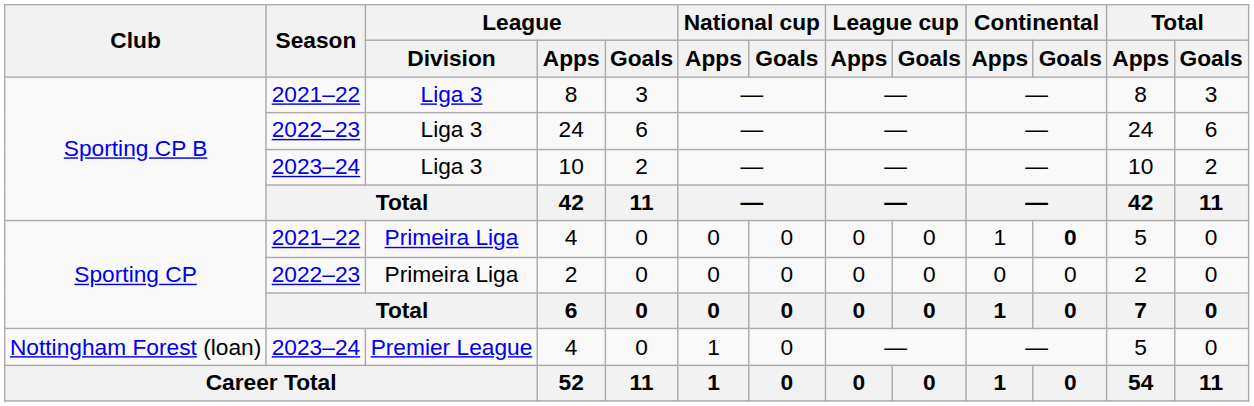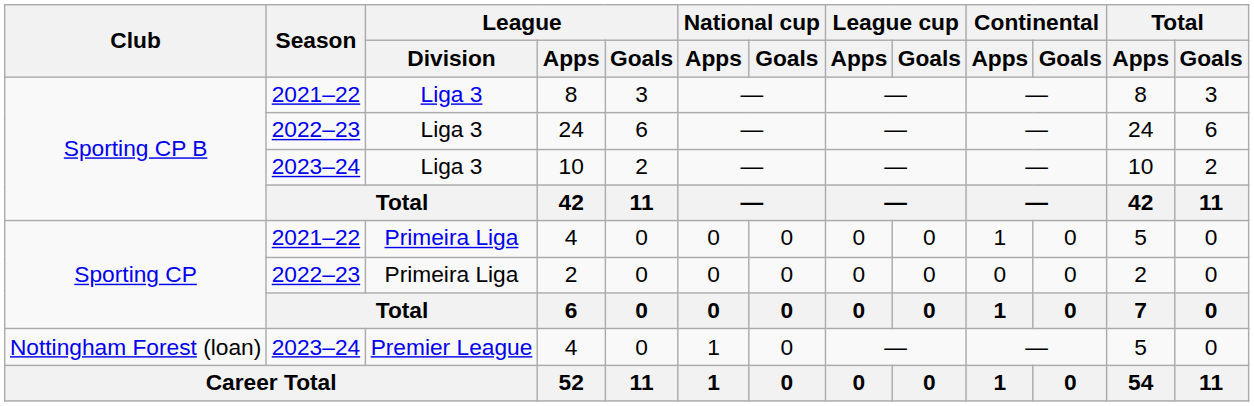 <table class="wikitable" style="text-align: center">
 <tr>
 <th rowspan="2">Club</th>
 <th rowspan="2">Season</th>
 <th colspan="3">League</th>
 <th colspan="2">National cup</th>
 <th colspan="2">League cup</th>
 <th colspan="2">Continental</th>
 <th colspan="2">Total</th>
 </tr>
 <tr>
 <th>Division</th>
 <th>Apps</th>
 <th>Goals</th>
 <th>Apps</th>
 <th>Goals</th>
 <th>Apps</th>
 <th>Goals</th>
 <th>Apps</th>
 <th>Goals</th>
 <th>Apps</th>
 <th>Goals</th>
 </tr>
 <tr>
 <td rowspan="4"><a href='#'>Sporting CP B</a></td>
 <td><a href='#'>2021–22</a></td>
 <td><a href='#'>Liga 3</a></td>
 <td>8</td>
 <td>3</td>
 <td colspan="2">—</td>
 <td colspan="2">—</td>
 <td colspan="2">—</td>
 <td>8</td>
 <td>3</td>
 </tr>
 <tr>
 <td><a href='#'>2022–23</a></td>
 <td>Liga 3</td>
 <td>24</td>
 <td>6</td>
 <td colspan="2">—</td>
 <td colspan="2">—</td>
 <td colspan="2">—</td>
 <td>24</td>
 <td>6</td>
 </tr>
 <tr>
 <td><a href='#'>2023–24</a></td>
 <td>Liga 3</td>
 <td>10</td>
 <td>2</td>
 <td colspan="2">—</td>
 <td colspan="2">—</td>
 <td colspan="2">—</td>
 <td>10</td>
 <td>2</td>
 </tr>
 <tr>
 <th colspan="2">Total</th>
 <th>42</th>
 <th>11</th>
 <th colspan="2">—</th>
 <th colspan="2">—</th>
 <th colspan="2">—</th>
 <th>42</th>
 <th>11</th>
 </tr>
 <tr>
 <td rowspan="3"><a href='#'>Sporting CP</a></td>
 <td><a href='#'>2021–22</a></td>
 <td><a href='#'>Primeira Liga</a></td>
 <td>4</td>
 <td>0</td>
 <td>0</td>
 <td>0</td>
 <td>0</td>
 <td>0</td>
 <td>1</td>
-<td><strong>0</strong></td>
+<td>0</td>
 <td>5</td>
 <td>0</td>
 </tr>
 <tr>
 <td><a href='#'>2022–23</a></td>
 <td>Primeira Liga</td>
 <td>2</td>
 <td>0</td>
 <td>0</td>
 <td>0</td>
 <td>0</td>
 <td>0</td>
 <td>0</td>
 <td>0</td>
 <td>2</td>
 <td>0</td>
 </tr>
 <tr>
 <th colspan="2">Total</th>
 <th>6</th>
 <th>0</th>
 <th>0</th>
 <th>0</th>
 <th>0</th>
 <th>0</th>
 <th>1</th>
 <th>0</th>
 <th>7</th>
 <th>0</th>
 </tr>
 <tr>
 <td><a href='#'>Nottingham Forest</a> (loan)</td>
 <td><a href='#'>2023–24</a></td>
 <td><a href='#'>Premier League</a></td>
 <td>4</td>
 <td>0</td>
 <td>1</td>
 <td>0</td>
 <td colspan="2">—</td>
 <td colspan="2">—</td>
 <td>5</td>
 <td>0</td>
 </tr>
 <tr>
 <th colspan="3">Career Total</th>
 <th>52</th>
 <th>11</th>
 <th>1</th>
 <th>0</th>
 <th>0</th>
 <th>0</th>
 <th>1</th>
 <th>0</th>
 <th>54</th>
 <th>11</th>
 </tr>
 </table>
